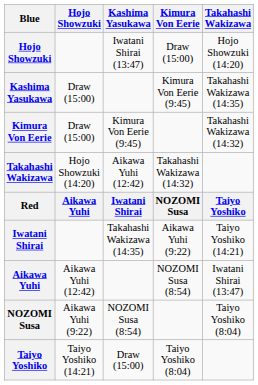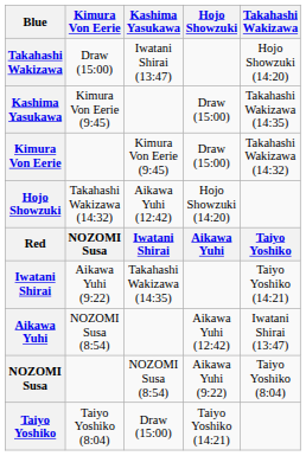 <table class="wikitable" style="text-align:center; margin: 1em auto 1em auto;" width="25%">
 <tr>
 <th>Blue</th>
+<th><a href='#'>Kimura</a><br><a href='#'>Von Eerie</a></th>
+<th><a href='#'>Kashima</a><br><a href='#'>Yasukawa</a></th>
 <th><a href='#'>Hojo</a><br><a href='#'>Showzuki</a></th>
-<th><a href='#'>Kashima</a><br><a href='#'>Yasukawa</a></th>
-<th><a href='#'>Kimura</a><br><a href='#'>Von Eerie</a></th>
 <th><a href='#'>Takahashi</a><br><a href='#'>Wakizawa</a></th>
 </tr>
 <tr>
-<th><a href='#'>Hojo</a><br><a href='#'>Showzuki</a></th>
+<th><a href='#'>Takahashi</a><br><a href='#'>Wakizawa</a></th>
+<td>Draw<br>(15:00)</td>
+<td>Iwatani<br>Shirai<br>(13:47)</td>
 <td></td>
-<td>Iwatani<br>Shirai<br>(13:47)</td>
-<td>Draw<br>(15:00)</td>
 <td>Hojo<br>Showzuki<br>(14:20)</td>
 </tr>
 <tr>
 <th><a href='#'>Kashima</a><br><a href='#'>Yasukawa</a></th>
+<td>Kimura<br>Von Eerie<br>(9:45)</td>
+<td></td>
 <td>Draw<br>(15:00)</td>
-<td></td>
-<td>Kimura<br>Von Eerie<br>(9:45)</td>
 <td>Takahashi<br>Wakizawa<br>(14:35)</td>
 </tr>
 <tr>
 <th><a href='#'>Kimura</a><br><a href='#'>Von Eerie</a></th>
+<td></td>
+<td>Kimura<br>Von Eerie<br>(9:45)</td>
 <td>Draw<br>(15:00)</td>
-<td>Kimura<br>Von Eerie<br>(9:45)</td>
-<td></td>
 <td>Takahashi<br>Wakizawa<br>(14:32)</td>
 </tr>
 <tr>
-<th><a href='#'>Takahashi</a><br><a href='#'>Wakizawa</a></th>
+<th><a href='#'>Hojo</a><br><a href='#'>Showzuki</a></th>
+<td>Takahashi<br>Wakizawa<br>(14:32)</td>
+<td>Aikawa<br>Yuhi<br>(12:42)</td>
 <td>Hojo<br>Showzuki<br>(14:20)</td>
-<td>Aikawa<br>Yuhi<br>(12:42)</td>
-<td>Takahashi<br>Wakizawa<br>(14:32)</td>
 <td></td>
 </tr>
 <tr>
 <th>Red</th>
+<th>NOZOMI<br>Susa</th>
+<th><a href='#'>Iwatani</a><br><a href='#'>Shirai</a></th>
 <th><a href='#'>Aikawa</a><br><a href='#'>Yuhi</a></th>
-<th><a href='#'>Iwatani</a><br><a href='#'>Shirai</a></th>
-<th>NOZOMI<br>Susa</th>
 <th><a href='#'>Taiyo</a><br><a href='#'>Yoshiko</a></th>
 </tr>
 <tr>
 <th><a href='#'>Iwatani</a><br><a href='#'>Shirai</a></th>
+<td>Aikawa<br>Yuhi<br>(9:22)</td>
+<td>Takahashi<br>Wakizawa<br>(14:35)</td>
 <td></td>
-<td>Takahashi<br>Wakizawa<br>(14:35)</td>
-<td>Aikawa<br>Yuhi<br>(9:22)</td>
 <td>Taiyo<br>Yoshiko<br>(14:21)</td>
 </tr>
 <tr>
 <th><a href='#'>Aikawa</a><br><a href='#'>Yuhi</a></th>
+<td>NOZOMI<br>Susa<br>(8:54)</td>
+<td></td>
 <td>Aikawa<br>Yuhi<br>(12:42)</td>
-<td></td>
-<td>NOZOMI<br>Susa<br>(8:54)</td>
 <td>Iwatani<br>Shirai<br>(13:47)</td>
 </tr>
 <tr>
 <th>NOZOMI<br>Susa</th>
+<td></td>
+<td>NOZOMI<br>Susa<br>(8:54)</td>
 <td>Aikawa<br>Yuhi<br>(9:22)</td>
-<td>NOZOMI<br>Susa<br>(8:54)</td>
-<td></td>
 <td>Taiyo<br>Yoshiko<br>(8:04)</td>
 </tr>
 <tr>
 <th><a href='#'>Taiyo</a><br><a href='#'>Yoshiko</a></th>
+<td>Taiyo<br>Yoshiko<br>(8:04)</td>
+<td>Draw<br>(15:00)</td>
 <td>Taiyo<br>Yoshiko<br>(14:21)</td>
-<td>Draw<br>(15:00)</td>
-<td>Taiyo<br>Yoshiko<br>(8:04)</td>
 <td></td>
 </tr>
 </table>
